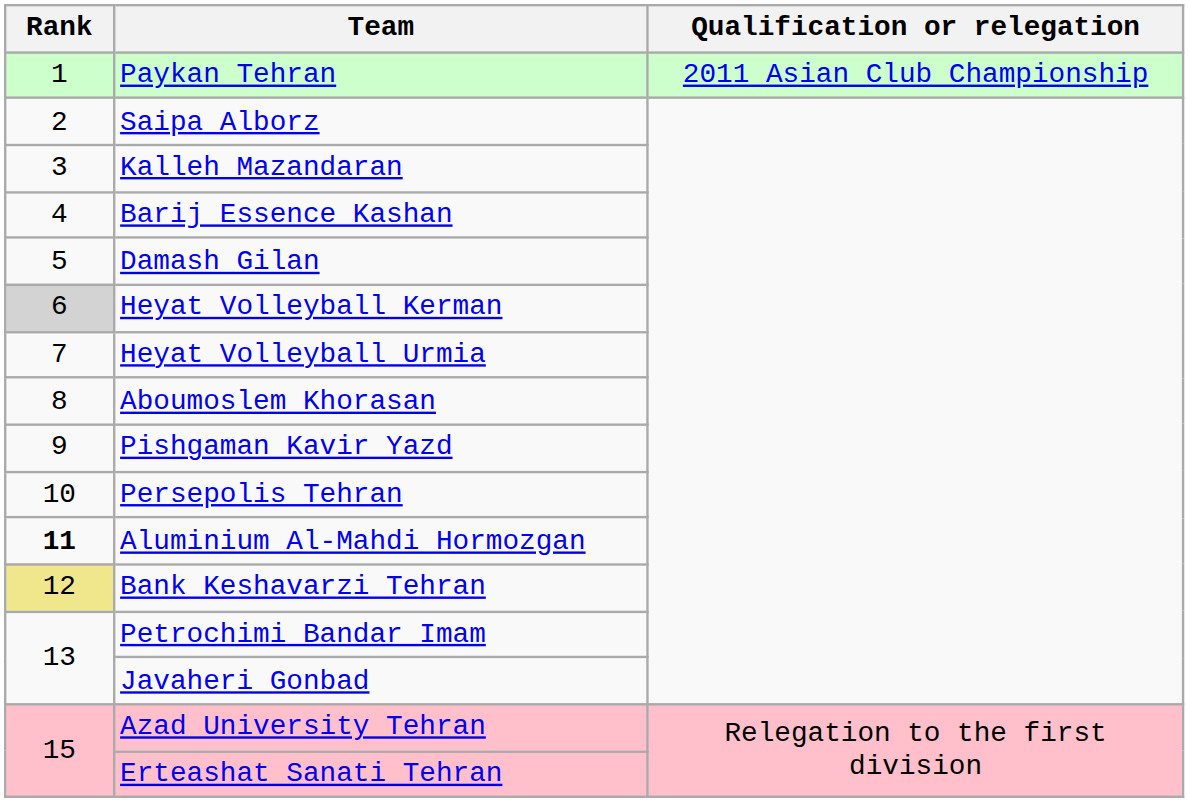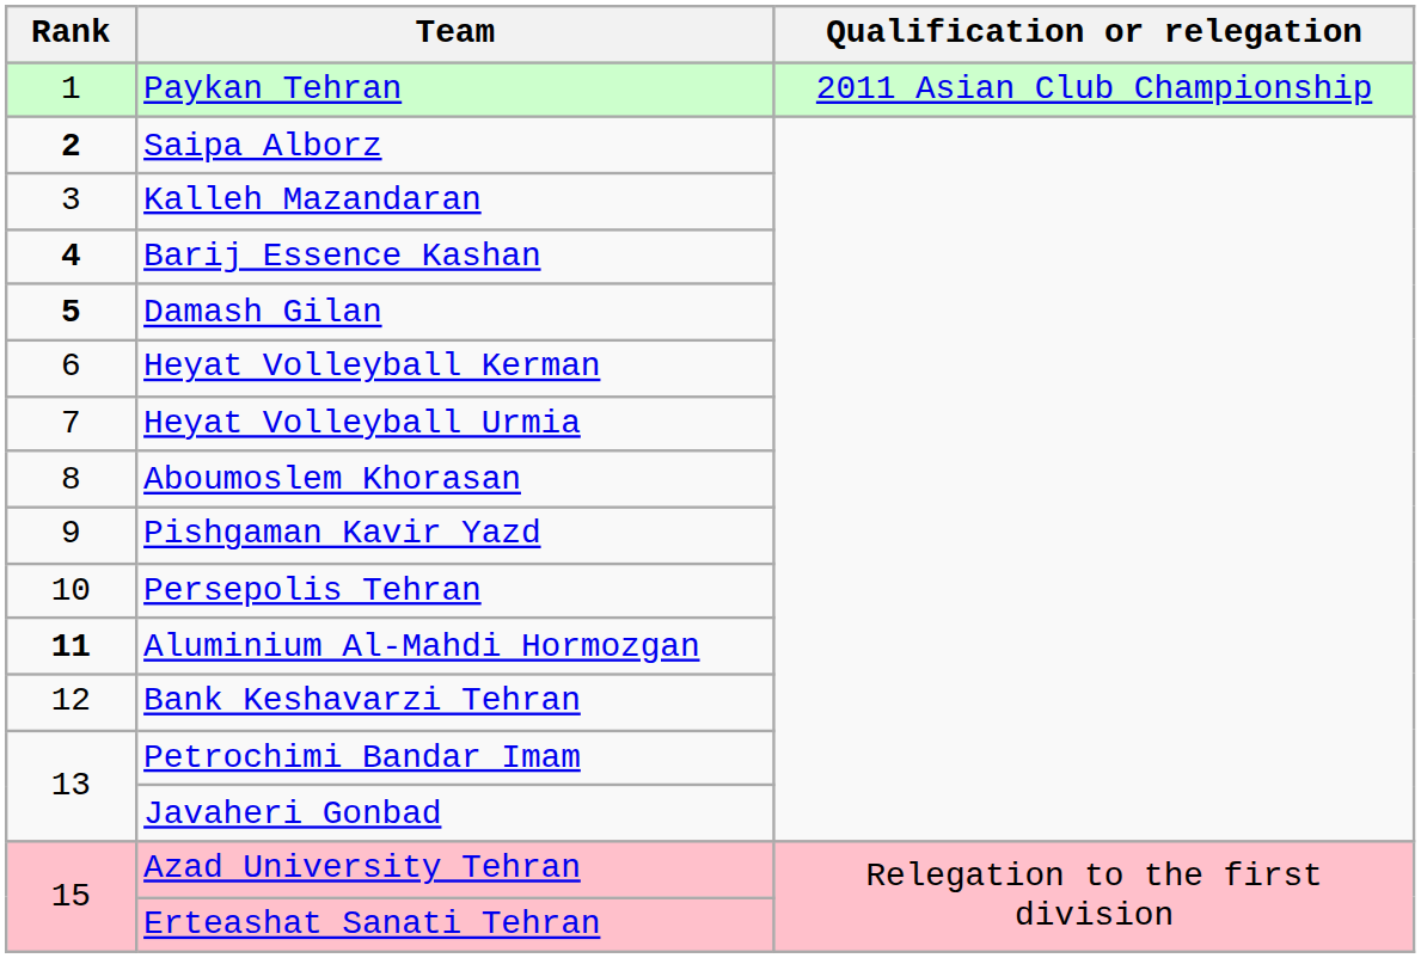 <table class="wikitable" style="text-align:center; font-size:90%">
 <tr>
 <th width=40>Rank</th>
 <th width=220>Team</th>
 <th width=220>Qualification or relegation</th>
 </tr>
 <tr bgcolor=ccffcc>
 <td>1</td>
 <td align="left"><a href='#'>Paykan Tehran</a></td>
 <td><a href='#'>2011 Asian Club Championship</a></td>
 </tr>
 <tr>
-<td>2</td>
+<td><strong>2</strong></td>
 <td align="left"><a href='#'>Saipa Alborz</a></td>
 <td rowspan=13></td>
 </tr>
 <tr>
 <td>3</td>
 <td align="left"><a href='#'>Kalleh Mazandaran</a></td>
 </tr>
 <tr>
-<td>4</td>
+<td><strong>4</strong></td>
 <td align="left"><a href='#'>Barij Essence Kashan</a></td>
 </tr>
 <tr>
-<td>5</td>
+<td><strong>5</strong></td>
 <td align="left"><a href='#'>Damash Gilan</a></td>
 </tr>
 <tr>
-<td style="background: lightgrey;">6</td>
+<td>6</td>
 <td align="left"><a href='#'>Heyat Volleyball Kerman</a></td>
 </tr>
 <tr>
 <td>7</td>
 <td align="left"><a href='#'>Heyat Volleyball Urmia</a></td>
 </tr>
 <tr>
 <td>8</td>
 <td align="left"><a href='#'>Aboumoslem Khorasan</a></td>
 </tr>
 <tr>
 <td>9</td>
 <td align="left"><a href='#'>Pishgaman Kavir Yazd</a></td>
 </tr>
 <tr>
 <td>10</td>
 <td align="left"><a href='#'>Persepolis Tehran</a></td>
 </tr>
 <tr>
 <td><strong>11</strong></td>
 <td align="left"><a href='#'>Aluminium Al-Mahdi Hormozgan</a></td>
 </tr>
 <tr>
-<td style="background: khaki;">12</td>
+<td>12</td>
 <td align="left"><a href='#'>Bank Keshavarzi Tehran</a></td>
 </tr>
 <tr>
 <td rowspan=2>13</td>
 <td align="left"><a href='#'>Petrochimi Bandar Imam</a></td>
 </tr>
 <tr>
 <td align="left"><a href='#'>Javaheri Gonbad</a></td>
 </tr>
 <tr bgcolor=pink>
 <td rowspan=2>15</td>
 <td align="left"><a href='#'>Azad University Tehran</a></td>
 <td rowspan=2>Relegation to the first division</td>
 </tr>
 <tr bgcolor=pink>
 <td align="left"><a href='#'>Erteashat Sanati Tehran</a></td>
 </tr>
 </table>
